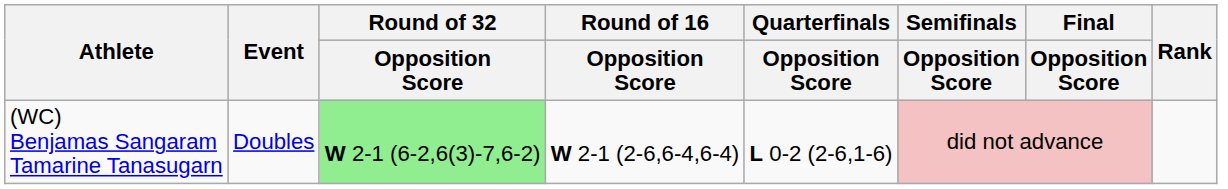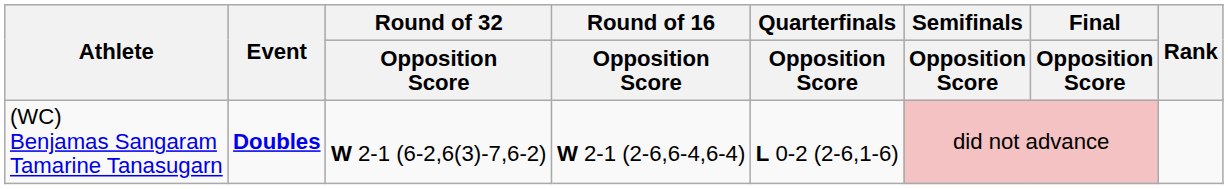 <table class=wikitable style="font-size:90%">
 <tr>
 <th rowspan="2">Athlete</th>
 <th rowspan="2">Event</th>
 <th>Round of 32</th>
 <th>Round of 16</th>
 <th>Quarterfinals</th>
 <th>Semifinals</th>
 <th>Final</th>
 <th rowspan="2">Rank</th>
 </tr>
 <tr>
 <th>Opposition<br>Score</th>
 <th>Opposition<br>Score</th>
 <th>Opposition<br>Score</th>
 <th>Opposition<br>Score</th>
 <th>Opposition<br>Score</th>
 </tr>
 <tr>
 <td>(WC) <br><a href='#'>Benjamas Sangaram</a><br><a href='#'>Tamarine Tanasugarn</a></td>
-<td><a href='#'>Doubles</a></td>
-<td style="background: lightgreen;"><br> <strong>W</strong> 2-1 (6-2,6(3)-7,6-2)</td>
+<td><strong><a href='#'>Doubles</a></strong></td>
+<td><br> <strong>W</strong> 2-1 (6-2,6(3)-7,6-2)</td>
 <td><br> <strong>W</strong> 2-1 (2-6,6-4,6-4)</td>
 <td><br> <strong>L</strong> 0-2 (2-6,1-6)</td>
 <td bgcolor="f4c2c2" colspan="2"  align="center">did not advance</td>
 <td></td>
 </tr>
 </table>
